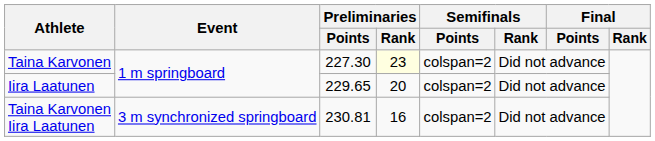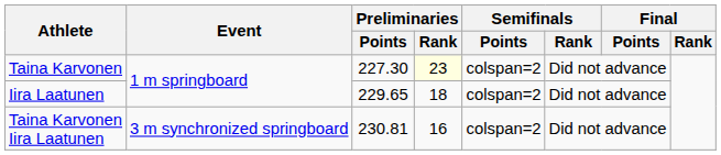 <table class=wikitable style="font-size:90%;">
 <tr>
 <th rowspan="2">Athlete</th>
 <th rowspan="2">Event</th>
 <th colspan="2">Preliminaries</th>
 <th colspan="2">Semifinals</th>
 <th colspan="2">Final</th>
 </tr>
 <tr style="font-size:95%">
 <th>Points</th>
 <th>Rank</th>
 <th>Points</th>
 <th>Rank</th>
 <th>Points</th>
 <th>Rank</th>
 </tr>
 <tr align=center>
 <td align=left><a href='#'>Taina Karvonen</a></td>
 <td align=left rowspan=2><a href='#'>1 m springboard</a></td>
 <td>227.30</td>
 <td style="background: lightyellow;">23</td>
 <td>colspan=2 </td>
 <td colspan=2>Did not advance</td>
 </tr>
 <tr align=center>
 <td align=left><a href='#'>Iira Laatunen</a></td>
 <td>229.65</td>
-<td>20</td>
+<td>18</td>
 <td>colspan=2 </td>
 <td colspan=2>Did not advance</td>
 </tr>
 <tr align=center>
 <td align=left><a href='#'>Taina Karvonen</a><br><a href='#'>Iira Laatunen</a></td>
 <td align=left><a href='#'>3 m synchronized springboard</a></td>
 <td>230.81</td>
 <td>16</td>
 <td>colspan=2 </td>
 <td colspan=2>Did not advance</td>
 </tr>
 </table>
